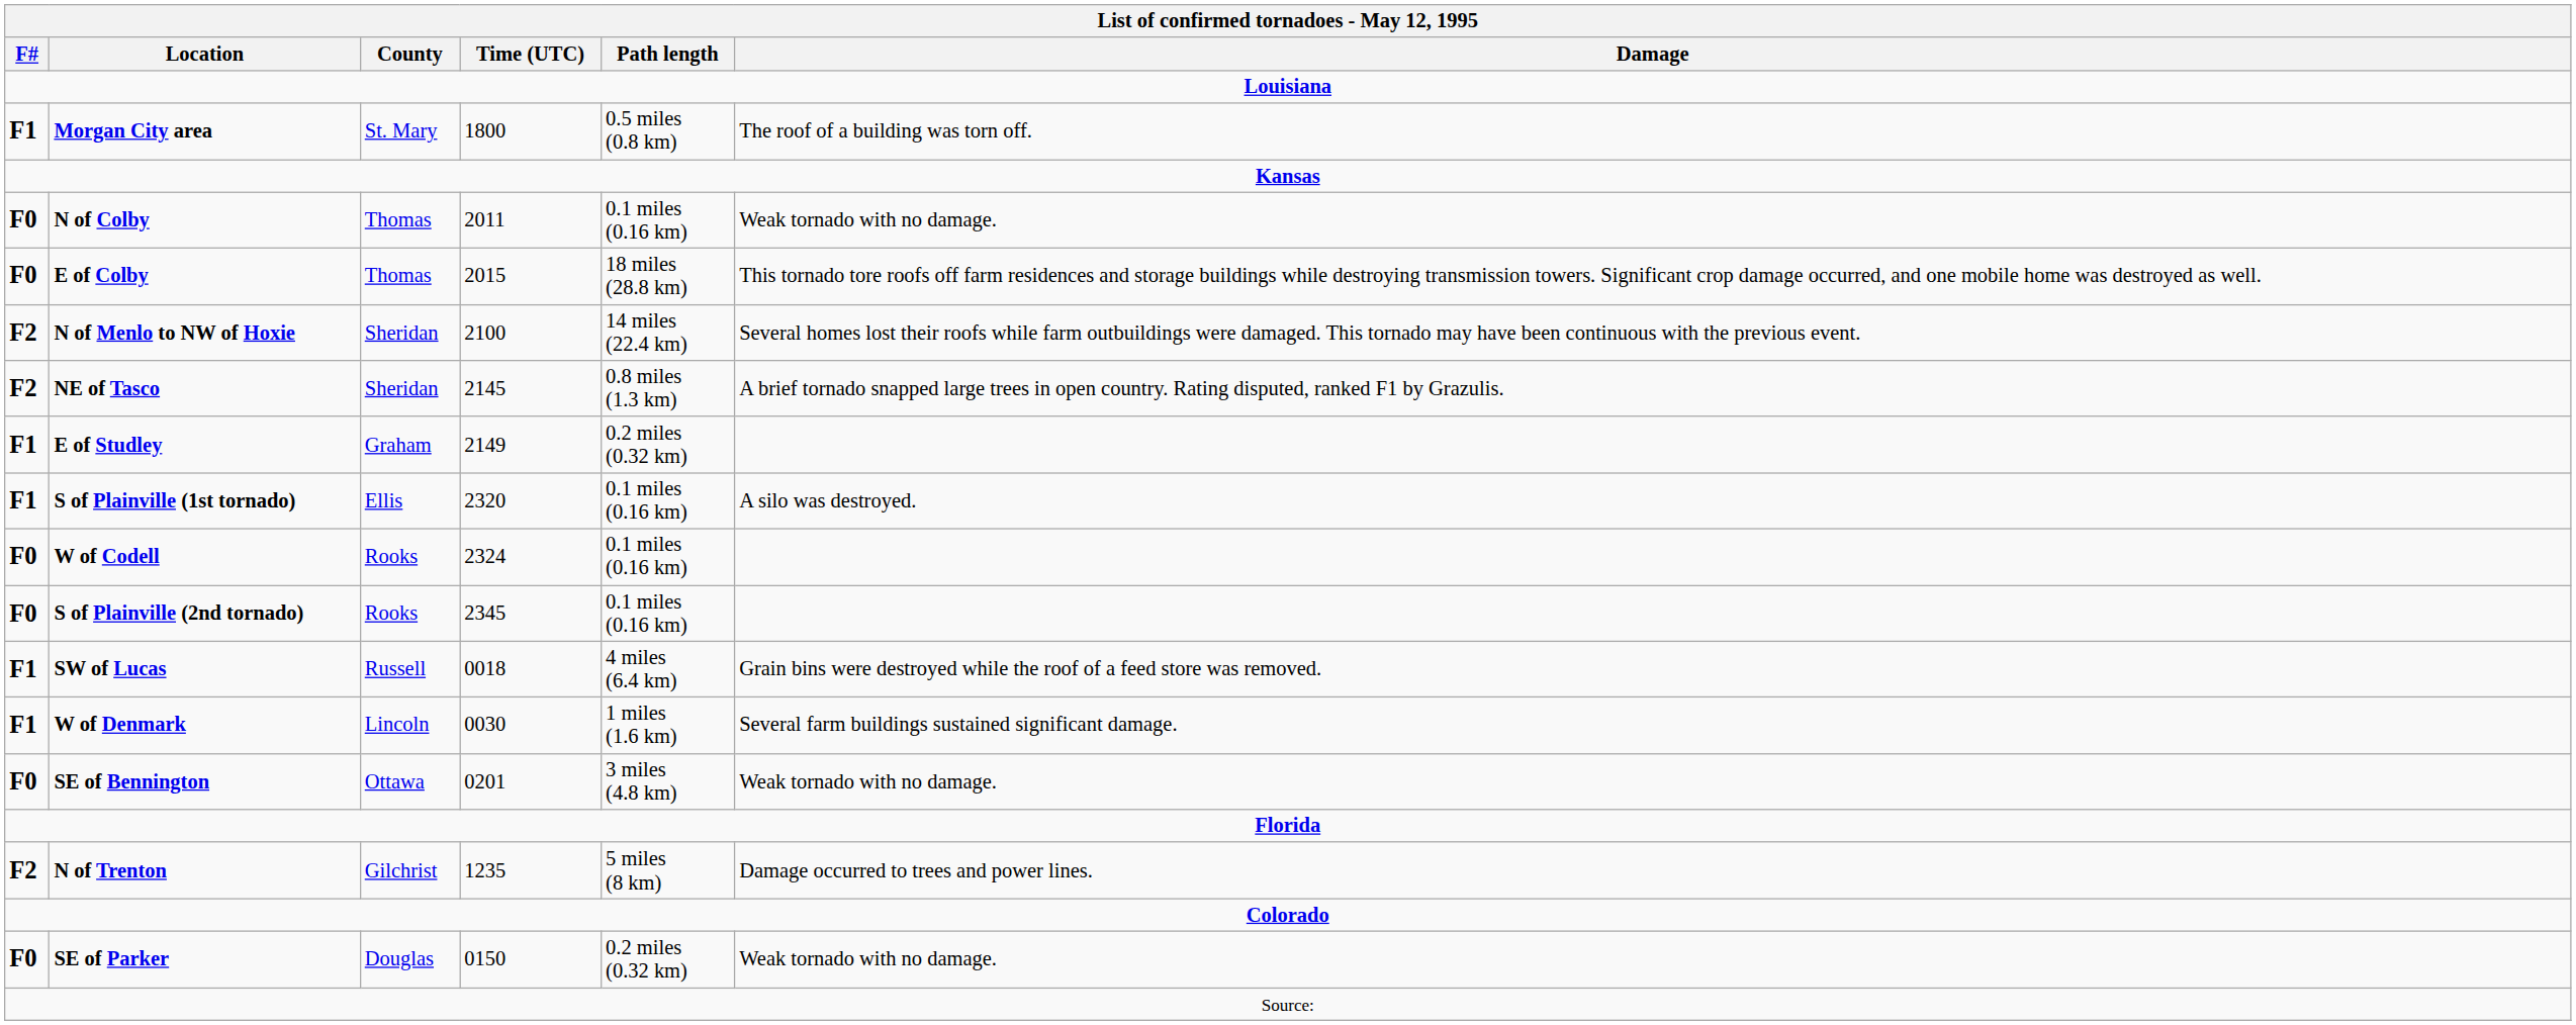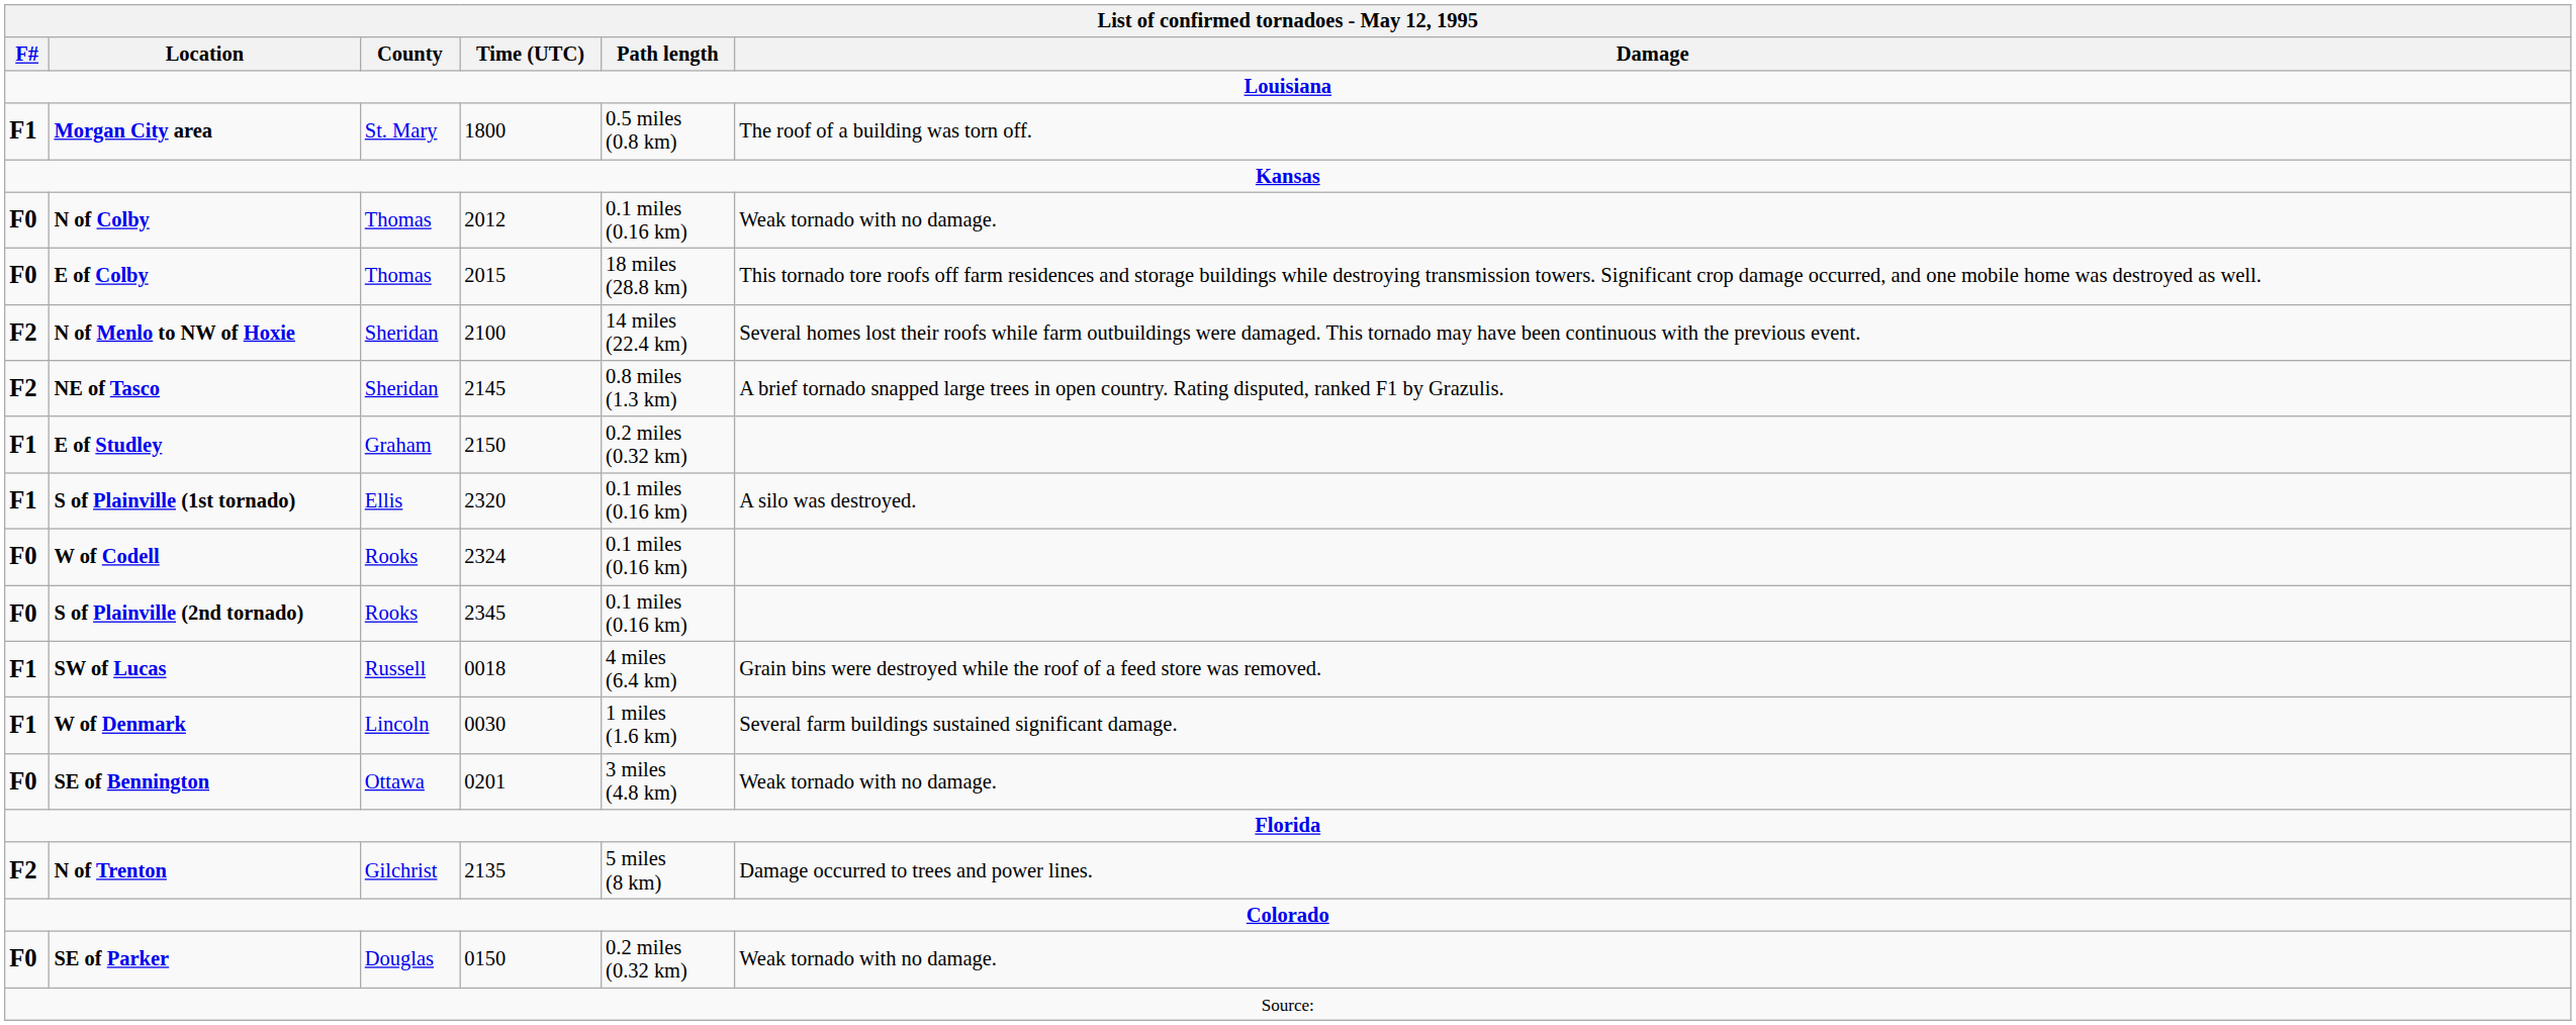 <table class="wikitable collapsible" width="100%">
 <tr>
 <th colspan="6">List of confirmed tornadoes - May 12, 1995</th>
 </tr>
 <tr>
 <th><a href='#'>F#</a></th>
 <th>Location</th>
 <th>County</th>
 <th>Time (UTC)</th>
 <th>Path length</th>
 <th>Damage</th>
 </tr>
 <tr>
 <td colspan="7" align=center><strong><a href='#'>Louisiana</a></strong></td>
 </tr>
 <tr>
 <td><big><strong>F1</strong></big></td>
 <td><strong><a href='#'>Morgan City</a> area</strong></td>
 <td><a href='#'>St. Mary</a></td>
 <td>1800</td>
 <td>0.5 miles <br> (0.8 km)</td>
 <td>The roof of a building was torn off.</td>
 </tr>
 <tr>
 <td colspan="7" align=center><strong><a href='#'>Kansas</a></strong></td>
 </tr>
 <tr>
 <td><big><strong>F0</strong></big></td>
 <td><strong>N of <a href='#'>Colby</a></strong></td>
 <td><a href='#'>Thomas</a></td>
-<td>2011</td>
+<td>2012</td>
 <td>0.1 miles <br> (0.16 km)</td>
 <td>Weak tornado with no damage.</td>
 </tr>
 <tr>
 <td><big><strong>F0</strong></big></td>
 <td><strong>E of <a href='#'>Colby</a></strong></td>
 <td><a href='#'>Thomas</a></td>
 <td>2015</td>
 <td>18 miles <br> (28.8 km)</td>
 <td>This tornado tore roofs off farm residences and storage buildings while destroying transmission towers. Significant crop damage occurred, and one mobile home was destroyed as well.</td>
 </tr>
 <tr>
 <td><big><strong>F2</strong></big></td>
 <td><strong>N of <a href='#'>Menlo</a> to NW of <a href='#'>Hoxie</a></strong></td>
 <td><a href='#'>Sheridan</a></td>
 <td>2100</td>
 <td>14 miles <br> (22.4 km)</td>
 <td>Several homes lost their roofs while farm outbuildings were damaged. This tornado may have been continuous with the previous event.</td>
 </tr>
 <tr>
 <td><big><strong>F2</strong></big></td>
 <td><strong>NE of <a href='#'>Tasco</a></strong></td>
 <td><a href='#'>Sheridan</a></td>
 <td>2145</td>
 <td>0.8 miles <br> (1.3 km)</td>
 <td>A brief tornado snapped large trees in open country. Rating disputed, ranked F1 by Grazulis.</td>
 </tr>
 <tr>
 <td><big><strong>F1</strong></big></td>
 <td><strong>E of <a href='#'>Studley</a></strong></td>
 <td><a href='#'>Graham</a></td>
-<td>2149</td>
+<td>2150</td>
 <td>0.2 miles <br> (0.32 km)</td>
 <td></td>
 </tr>
 <tr>
 <td><big><strong>F1</strong></big></td>
 <td><strong>S of <a href='#'>Plainville</a> (1st tornado)</strong></td>
 <td><a href='#'>Ellis</a></td>
 <td>2320</td>
 <td>0.1 miles <br> (0.16 km)</td>
 <td>A silo was destroyed.</td>
 </tr>
 <tr>
 <td><big><strong>F0</strong></big></td>
 <td><strong>W of <a href='#'>Codell</a></strong></td>
 <td><a href='#'>Rooks</a></td>
 <td>2324</td>
 <td>0.1 miles <br> (0.16 km)</td>
 <td></td>
 </tr>
 <tr>
 <td><big><strong>F0</strong></big></td>
 <td><strong>S of <a href='#'>Plainville</a> (2nd tornado)</strong></td>
 <td><a href='#'>Rooks</a></td>
 <td>2345</td>
 <td>0.1 miles <br> (0.16 km)</td>
 <td></td>
 </tr>
 <tr>
 <td><big><strong>F1</strong></big></td>
 <td><strong>SW of <a href='#'>Lucas</a></strong></td>
 <td><a href='#'>Russell</a></td>
 <td>0018</td>
 <td>4 miles <br> (6.4 km)</td>
 <td>Grain bins were destroyed while the roof of a feed store was removed.</td>
 </tr>
 <tr>
 <td><big><strong>F1</strong></big></td>
 <td><strong>W of <a href='#'>Denmark</a></strong></td>
 <td><a href='#'>Lincoln</a></td>
 <td>0030</td>
 <td>1 miles <br> (1.6 km)</td>
 <td>Several farm buildings sustained significant damage.</td>
 </tr>
 <tr>
 <td><big><strong>F0</strong></big></td>
 <td><strong>SE of <a href='#'>Bennington</a></strong></td>
 <td><a href='#'>Ottawa</a></td>
 <td>0201</td>
 <td>3 miles <br> (4.8 km)</td>
 <td>Weak tornado with no damage.</td>
 </tr>
 <tr>
 <td colspan="7" align=center><strong><a href='#'>Florida</a></strong></td>
 </tr>
 <tr>
 <td><big><strong>F2</strong></big></td>
 <td><strong>N of <a href='#'>Trenton</a></strong></td>
 <td><a href='#'>Gilchrist</a></td>
-<td>1235</td>
+<td>2135</td>
 <td>5 miles <br> (8 km)</td>
 <td>Damage occurred to trees and power lines.</td>
 </tr>
 <tr>
 <td colspan="7" align=center><strong><a href='#'>Colorado</a></strong></td>
 </tr>
 <tr>
 <td><big><strong>F0</strong></big></td>
 <td><strong>SE of <a href='#'>Parker</a></strong></td>
 <td><a href='#'>Douglas</a></td>
 <td>0150</td>
 <td>0.2 miles <br> (0.32 km)</td>
 <td>Weak tornado with no damage.</td>
 </tr>
 <tr>
 <td colspan="7" align=center><small>Source:  </small></td>
 </tr>
 <tr>
 </tr>
 </table>
